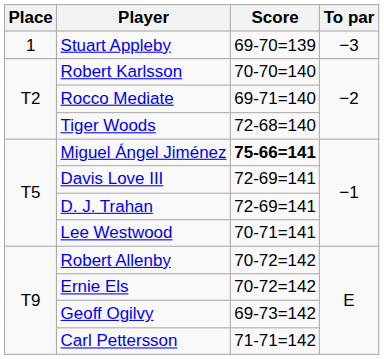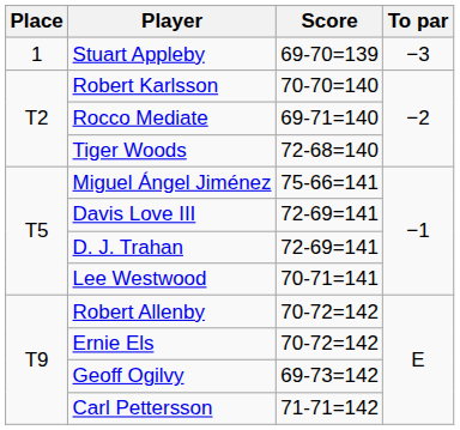 <table class="wikitable">
 <tr>
 <th>Place</th>
 <th>Player</th>
 <th>Score</th>
 <th>To par</th>
 </tr>
 <tr>
 <td align=center align=center>1</td>
 <td> <a href='#'>Stuart Appleby</a></td>
 <td>69-70=139</td>
 <td align=center>−3</td>
 </tr>
 <tr>
 <td rowspan="3" align=center>T2</td>
 <td> <a href='#'>Robert Karlsson</a></td>
 <td>70-70=140</td>
 <td rowspan="3" align=center>−2</td>
 </tr>
 <tr>
 <td> <a href='#'>Rocco Mediate</a></td>
 <td>69-71=140</td>
 </tr>
 <tr>
 <td> <a href='#'>Tiger Woods</a></td>
 <td>72-68=140</td>
 </tr>
 <tr>
 <td rowspan="4" align=center>T5</td>
 <td> <a href='#'>Miguel Ángel Jiménez</a></td>
-<td><strong>75-66=141</strong></td>
+<td>75-66=141</td>
 <td rowspan="4" align=center>−1</td>
 </tr>
 <tr>
 <td> <a href='#'>Davis Love III</a></td>
 <td>72-69=141</td>
 </tr>
 <tr>
 <td> <a href='#'>D. J. Trahan</a></td>
 <td>72-69=141</td>
 </tr>
 <tr>
 <td> <a href='#'>Lee Westwood</a></td>
 <td>70-71=141</td>
 </tr>
 <tr>
 <td rowspan="4" align=center>T9</td>
 <td> <a href='#'>Robert Allenby</a></td>
 <td>70-72=142</td>
 <td rowspan="4" align=center>E</td>
 </tr>
 <tr>
 <td> <a href='#'>Ernie Els</a></td>
 <td>70-72=142</td>
 </tr>
 <tr>
 <td> <a href='#'>Geoff Ogilvy</a></td>
 <td>69-73=142</td>
 </tr>
 <tr>
 <td> <a href='#'>Carl Pettersson</a></td>
 <td>71-71=142</td>
 </tr>
 </table>
